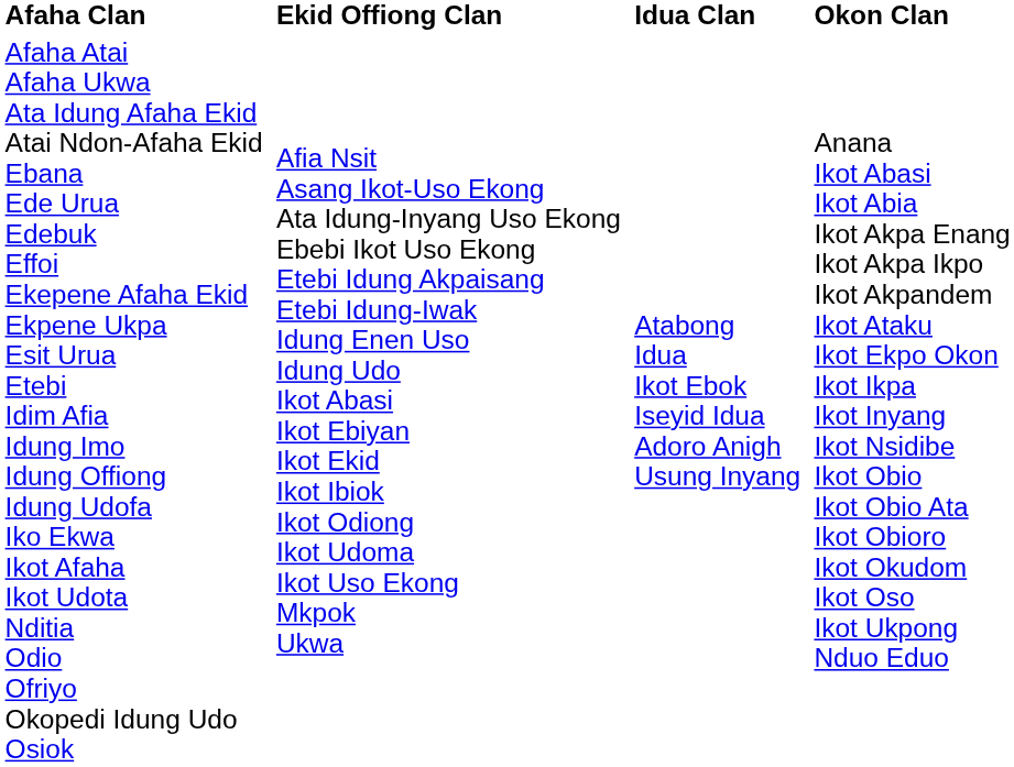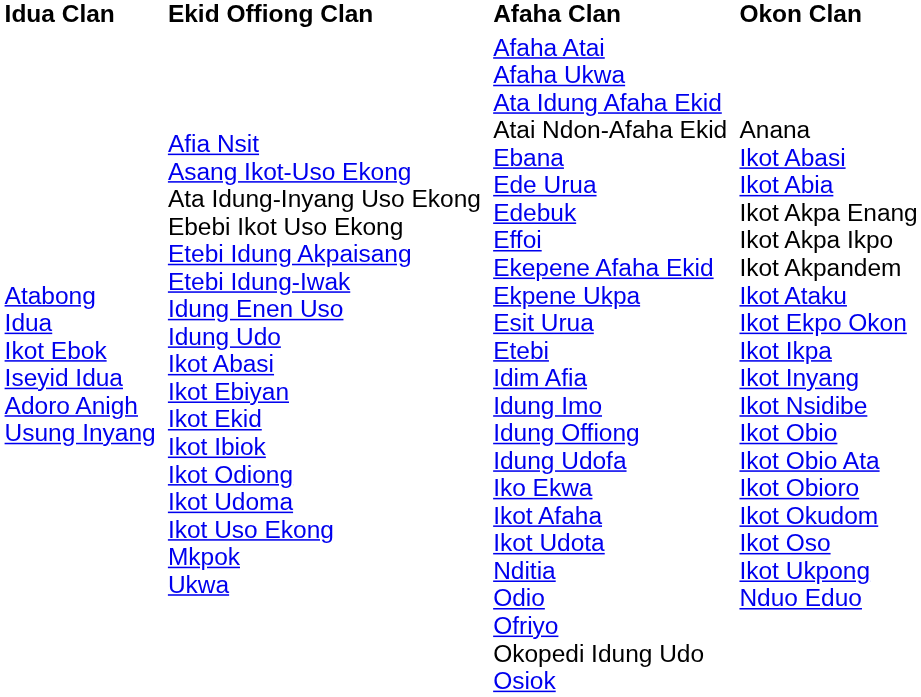 <table class="sortable">
 <tr>
-<td><strong>Afaha Clan</strong></td>
+<td><strong>Idua Clan</strong></td>
 <td></td>
 <td><strong>Ekid Offiong Clan</strong></td>
 <td></td>
-<td><strong>Idua Clan</strong></td>
+<td><strong>Afaha Clan</strong></td>
 <td></td>
 <td><strong>Okon Clan</strong></td>
 </tr>
 <tr>
-<td><a href='#'>Afaha Atai</a><br><a href='#'>Afaha Ukwa</a><br><a href='#'>Ata Idung Afaha Ekid</a><br>Atai Ndon-Afaha Ekid<br><a href='#'>Ebana</a><br><a href='#'>Ede Urua</a><br><a href='#'>Edebuk</a><br><a href='#'>Effoi</a><br><a href='#'>Ekepene Afaha Ekid</a><br><a href='#'>Ekpene Ukpa</a><br><a href='#'>Esit Urua</a><br><a href='#'>Etebi</a><br><a href='#'>Idim Afia</a><br><a href='#'>Idung Imo</a><br><a href='#'>Idung Offiong</a><br><a href='#'>Idung Udofa</a><br><a href='#'>Iko Ekwa</a><br><a href='#'>Ikot Afaha</a><br><a href='#'>Ikot Udota</a><br><a href='#'>Nditia</a><br><a href='#'>Odio</a><br><a href='#'>Ofriyo</a><br>Okopedi Idung Udo<br><a href='#'>Osiok</a></td>
+<td><a href='#'>Atabong</a><br><a href='#'>Idua</a><br><a href='#'>Ikot Ebok</a><br><a href='#'>Iseyid Idua</a><br><a href='#'>Adoro Anigh</a><br><a href='#'>Usung Inyang</a></td>
 <td></td>
 <td><a href='#'>Afia Nsit</a><br><a href='#'>Asang Ikot-Uso Ekong</a><br>Ata Idung-Inyang Uso Ekong<br>Ebebi Ikot Uso Ekong<br><a href='#'>Etebi Idung Akpaisang</a><br><a href='#'>Etebi Idung-Iwak</a><br><a href='#'>Idung Enen Uso</a><br><a href='#'>Idung Udo</a><br><a href='#'>Ikot Abasi</a><br><a href='#'>Ikot Ebiyan</a><br><a href='#'>Ikot Ekid</a><br><a href='#'>Ikot Ibiok</a><br><a href='#'>Ikot Odiong</a><br><a href='#'>Ikot Udoma</a><br><a href='#'>Ikot Uso Ekong</a><br><a href='#'>Mkpok</a><br><a href='#'>Ukwa</a></td>
 <td></td>
-<td><a href='#'>Atabong</a><br><a href='#'>Idua</a><br><a href='#'>Ikot Ebok</a><br><a href='#'>Iseyid Idua</a><br><a href='#'>Adoro Anigh</a><br><a href='#'>Usung Inyang</a></td>
+<td><a href='#'>Afaha Atai</a><br><a href='#'>Afaha Ukwa</a><br><a href='#'>Ata Idung Afaha Ekid</a><br>Atai Ndon-Afaha Ekid<br><a href='#'>Ebana</a><br><a href='#'>Ede Urua</a><br><a href='#'>Edebuk</a><br><a href='#'>Effoi</a><br><a href='#'>Ekepene Afaha Ekid</a><br><a href='#'>Ekpene Ukpa</a><br><a href='#'>Esit Urua</a><br><a href='#'>Etebi</a><br><a href='#'>Idim Afia</a><br><a href='#'>Idung Imo</a><br><a href='#'>Idung Offiong</a><br><a href='#'>Idung Udofa</a><br><a href='#'>Iko Ekwa</a><br><a href='#'>Ikot Afaha</a><br><a href='#'>Ikot Udota</a><br><a href='#'>Nditia</a><br><a href='#'>Odio</a><br><a href='#'>Ofriyo</a><br>Okopedi Idung Udo<br><a href='#'>Osiok</a></td>
 <td></td>
 <td>Anana<br><a href='#'>Ikot Abasi</a><br><a href='#'>Ikot Abia</a><br>Ikot Akpa Enang<br>Ikot Akpa Ikpo<br>Ikot Akpandem<br><a href='#'>Ikot Ataku</a><br><a href='#'>Ikot Ekpo Okon</a><br><a href='#'>Ikot Ikpa</a><br><a href='#'>Ikot Inyang</a><br><a href='#'>Ikot Nsidibe</a><br><a href='#'>Ikot Obio</a><br><a href='#'>Ikot Obio Ata</a><br><a href='#'>Ikot Obioro</a><br><a href='#'>Ikot Okudom</a><br><a href='#'>Ikot Oso</a><br><a href='#'>Ikot Ukpong</a><br><a href='#'>Nduo Eduo</a></td>
 </tr>
 </table>
